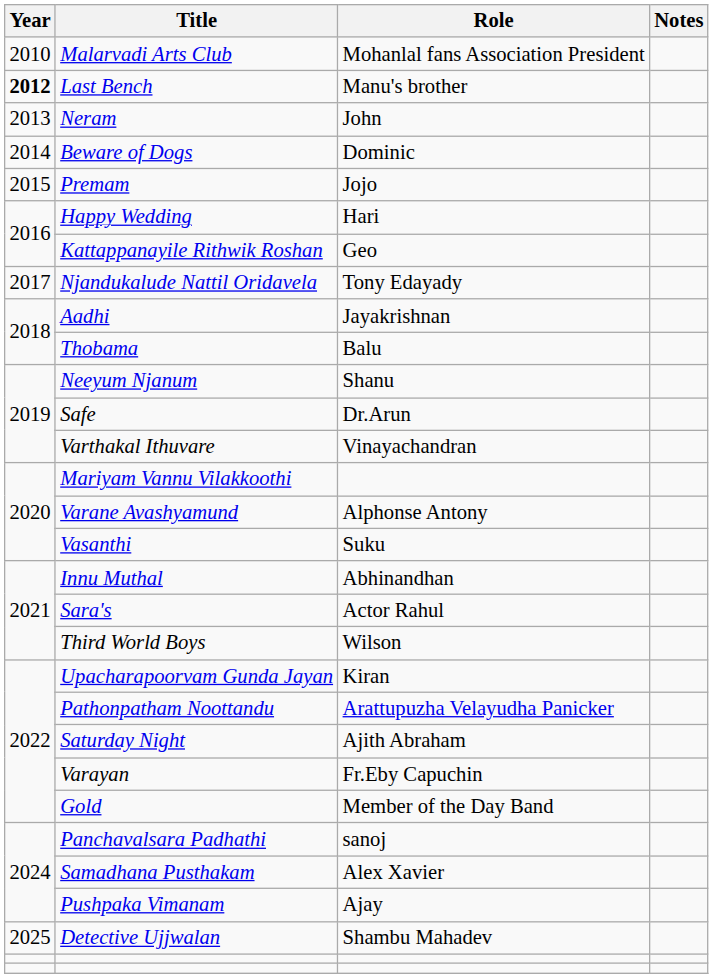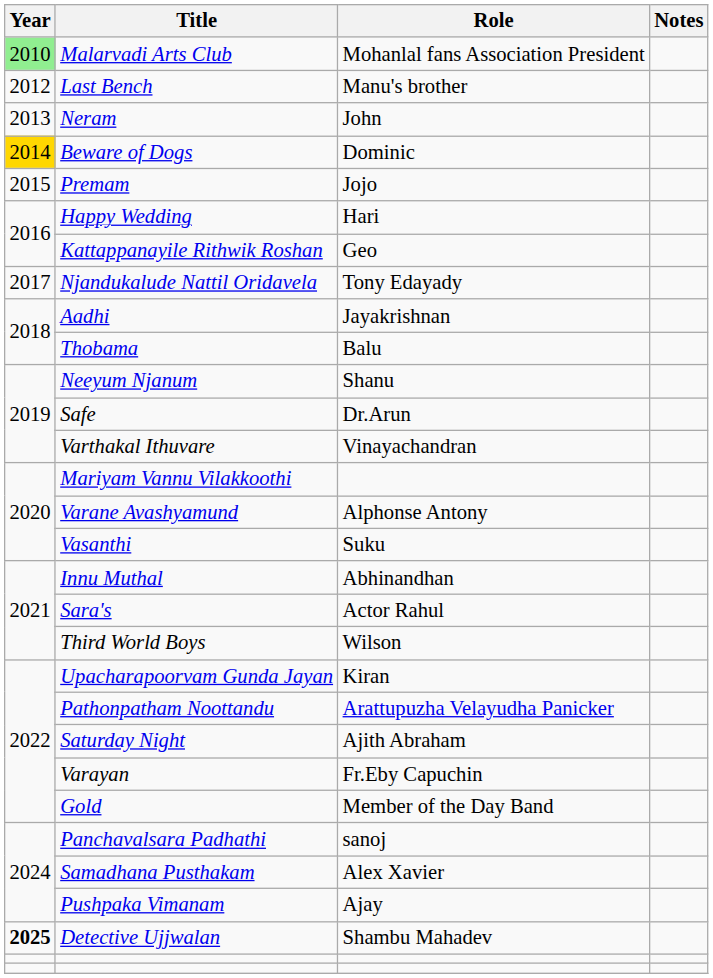 <table class="wikitable sortable">
 <tr>
 <th>Year</th>
 <th>Title</th>
 <th>Role</th>
 <th class="unsortable">Notes</th>
 </tr>
 <tr>
-<td>2010</td>
+<td style="background: lightgreen;">2010</td>
 <td><em><a href='#'>Malarvadi Arts Club</a></em></td>
 <td>Mohanlal fans Association President</td>
 <td></td>
 </tr>
 <tr>
-<td><strong>2012</strong></td>
+<td>2012</td>
 <td><em><a href='#'>Last Bench</a></em></td>
 <td>Manu's brother</td>
 <td></td>
 </tr>
 <tr>
 <td>2013</td>
 <td><em><a href='#'>Neram</a></em></td>
 <td>John</td>
 <td></td>
 </tr>
 <tr>
-<td>2014</td>
+<td style="background: gold;">2014</td>
 <td><em><a href='#'>Beware of Dogs</a></em></td>
 <td>Dominic</td>
 <td></td>
 </tr>
 <tr>
 <td>2015</td>
 <td><em><a href='#'>Premam</a></em></td>
 <td>Jojo</td>
 <td></td>
 </tr>
 <tr>
 <td rowspan="2">2016</td>
 <td><em><a href='#'>Happy Wedding</a></em></td>
 <td>Hari</td>
 <td></td>
 </tr>
 <tr>
 <td><em><a href='#'>Kattappanayile Rithwik Roshan</a></em></td>
 <td>Geo</td>
 <td></td>
 </tr>
 <tr>
 <td>2017</td>
 <td><em><a href='#'>Njandukalude Nattil Oridavela</a></em></td>
 <td>Tony Edayady</td>
 <td></td>
 </tr>
 <tr>
 <td rowspan="2">2018</td>
 <td><em><a href='#'>Aadhi</a></em></td>
 <td>Jayakrishnan</td>
 <td></td>
 </tr>
 <tr>
 <td><em><a href='#'>Thobama</a></em></td>
 <td>Balu</td>
 <td></td>
 </tr>
 <tr>
 <td rowspan="3">2019</td>
 <td><em><a href='#'>Neeyum Njanum</a></em></td>
 <td>Shanu</td>
 <td></td>
 </tr>
 <tr>
 <td><em>Safe</em></td>
 <td>Dr.Arun</td>
 <td></td>
 </tr>
 <tr>
 <td><em>Varthakal Ithuvare</em></td>
 <td>Vinayachandran</td>
 <td></td>
 </tr>
 <tr>
 <td rowspan="3">2020</td>
 <td><em><a href='#'>Mariyam Vannu Vilakkoothi</a></em></td>
 <td></td>
 <td></td>
 </tr>
 <tr>
 <td><em><a href='#'>Varane Avashyamund</a></em></td>
 <td>Alphonse Antony</td>
 <td></td>
 </tr>
 <tr>
 <td><em><a href='#'>Vasanthi</a></em></td>
 <td>Suku</td>
 <td></td>
 </tr>
 <tr>
 <td rowspan=3>2021</td>
 <td><em><a href='#'>Innu Muthal</a></em></td>
 <td>Abhinandhan</td>
 <td></td>
 </tr>
 <tr>
 <td><em><a href='#'>Sara's</a></em></td>
 <td>Actor Rahul</td>
 <td></td>
 </tr>
 <tr>
 <td><em>Third World Boys</em></td>
 <td>Wilson</td>
 <td></td>
 </tr>
 <tr>
 <td rowspan=5>2022</td>
 <td><em><a href='#'>Upacharapoorvam Gunda Jayan</a></em></td>
 <td>Kiran</td>
 <td></td>
 </tr>
 <tr>
 <td><em><a href='#'>Pathonpatham Noottandu</a></em></td>
 <td><a href='#'>Arattupuzha Velayudha Panicker</a></td>
 <td></td>
 </tr>
 <tr>
 <td><em><a href='#'>Saturday Night</a></em></td>
 <td>Ajith Abraham</td>
 <td></td>
 </tr>
 <tr>
 <td><em>Varayan</em></td>
 <td>Fr.Eby Capuchin</td>
 <td></td>
 </tr>
 <tr>
 <td><em><a href='#'>Gold</a></em></td>
 <td>Member of the Day Band</td>
 <td></td>
 </tr>
 <tr>
 <td rowspan=3>2024</td>
 <td><em><a href='#'>Panchavalsara Padhathi</a></em></td>
 <td>sanoj</td>
 <td></td>
 </tr>
 <tr>
 <td><em><a href='#'>Samadhana Pusthakam</a></em></td>
 <td>Alex Xavier</td>
 <td></td>
 </tr>
 <tr>
 <td><em><a href='#'>Pushpaka Vimanam</a></em></td>
 <td>Ajay</td>
 <td></td>
 </tr>
 <tr>
-<td>2025</td>
+<td><strong>2025</strong></td>
 <td><em><a href='#'>Detective Ujjwalan</a></em></td>
 <td>Shambu Mahadev</td>
 <td></td>
 </tr>
 <tr>
 <td></td>
 <td></td>
 <td></td>
 <td></td>
 </tr>
 <tr>
 <td></td>
 <td></td>
 <td></td>
 <td></td>
 </tr>
 <tr>
 </tr>
 </table>
